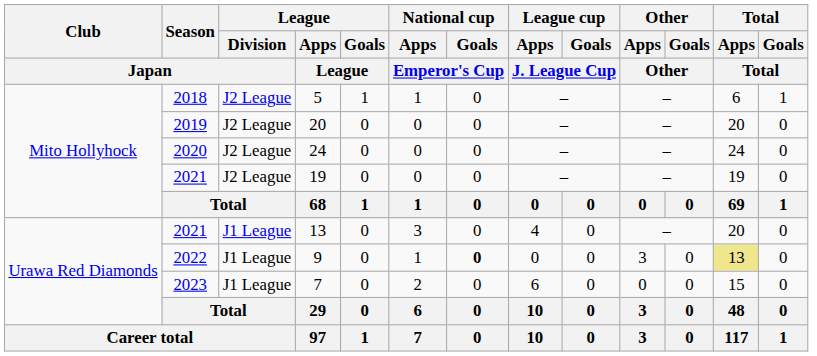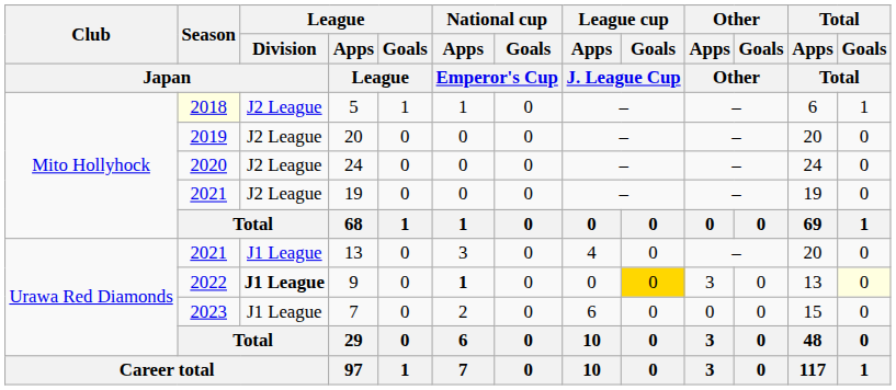 <table class="wikitable" style="text-align:center">
 <tr>
 <th rowspan=2>Club</th>
 <th rowspan=2>Season</th>
 <th colspan=3>League</th>
 <th colspan=2>National cup</th>
 <th colspan=2>League cup</th>
 <th colspan=2>Other</th>
 <th colspan=2>Total</th>
 </tr>
 <tr>
 <th>Division</th>
 <th>Apps</th>
 <th>Goals</th>
 <th>Apps</th>
 <th>Goals</th>
 <th>Apps</th>
 <th>Goals</th>
 <th>Apps</th>
 <th>Goals</th>
 <th>Apps</th>
 <th>Goals</th>
 </tr>
 <tr>
 <th colspan=3>Japan</th>
 <th colspan=2>League</th>
 <th colspan=2><a href='#'>Emperor's Cup</a></th>
 <th colspan=2><a href='#'>J. League Cup</a></th>
 <th colspan=2>Other</th>
 <th colspan=2>Total</th>
 </tr>
 <tr>
 <td rowspan="5"><a href='#'>Mito Hollyhock</a></td>
-<td><a href='#'>2018</a></td>
+<td style="background: lightyellow;"><a href='#'>2018</a></td>
 <td><a href='#'>J2 League</a></td>
 <td>5</td>
 <td>1</td>
 <td>1</td>
 <td>0</td>
 <td colspan="2">–</td>
 <td colspan="2">–</td>
 <td>6</td>
 <td>1</td>
 </tr>
 <tr>
 <td><a href='#'>2019</a></td>
 <td>J2 League</td>
 <td>20</td>
 <td>0</td>
 <td>0</td>
 <td>0</td>
 <td colspan="2">–</td>
 <td colspan="2">–</td>
 <td>20</td>
 <td>0</td>
 </tr>
 <tr>
 <td><a href='#'>2020</a></td>
 <td>J2 League</td>
 <td>24</td>
 <td>0</td>
 <td>0</td>
 <td>0</td>
 <td colspan="2">–</td>
 <td colspan="2">–</td>
 <td>24</td>
 <td>0</td>
 </tr>
 <tr>
 <td><a href='#'>2021</a></td>
 <td>J2 League</td>
 <td>19</td>
 <td>0</td>
 <td>0</td>
 <td>0</td>
 <td colspan="2">–</td>
 <td colspan="2">–</td>
 <td>19</td>
 <td>0</td>
 </tr>
 <tr>
 <th colspan="2">Total</th>
 <th>68</th>
 <th>1</th>
 <th>1</th>
 <th>0</th>
 <th>0</th>
 <th>0</th>
 <th>0</th>
 <th>0</th>
 <th>69</th>
 <th>1</th>
 </tr>
 <tr>
 <td rowspan="4"><a href='#'>Urawa Red Diamonds</a></td>
 <td><a href='#'>2021</a></td>
 <td><a href='#'>J1 League</a></td>
 <td>13</td>
 <td>0</td>
 <td>3</td>
 <td>0</td>
 <td>4</td>
 <td>0</td>
 <td colspan="2">–</td>
 <td>20</td>
 <td>0</td>
 </tr>
 <tr>
 <td><a href='#'>2022</a></td>
-<td>J1 League</td>
+<td><strong>J1 League</strong></td>
 <td>9</td>
 <td>0</td>
-<td>1</td>
-<td><strong>0</strong></td>
+<td><strong>1</strong></td>
 <td>0</td>
 <td>0</td>
+<td style="background: gold;">0</td>
 <td>3</td>
 <td>0</td>
-<td style="background: khaki;">13</td>
-<td>0</td>
+<td>13</td>
+<td style="background: lightyellow;">0</td>
 </tr>
 <tr>
 <td><a href='#'>2023</a></td>
 <td>J1 League</td>
 <td>7</td>
 <td>0</td>
 <td>2</td>
 <td>0</td>
 <td>6</td>
 <td>0</td>
 <td>0</td>
 <td>0</td>
 <td>15</td>
 <td>0</td>
 </tr>
 <tr>
 <th colspan="2">Total</th>
 <th>29</th>
 <th>0</th>
 <th>6</th>
 <th>0</th>
 <th>10</th>
 <th>0</th>
 <th>3</th>
 <th>0</th>
 <th>48</th>
 <th>0</th>
 </tr>
 <tr>
 <th colspan=3>Career total</th>
 <th>97</th>
 <th>1</th>
 <th>7</th>
 <th>0</th>
 <th>10</th>
 <th>0</th>
 <th>3</th>
 <th>0</th>
 <th>117</th>
 <th>1</th>
 </tr>
 </table>
